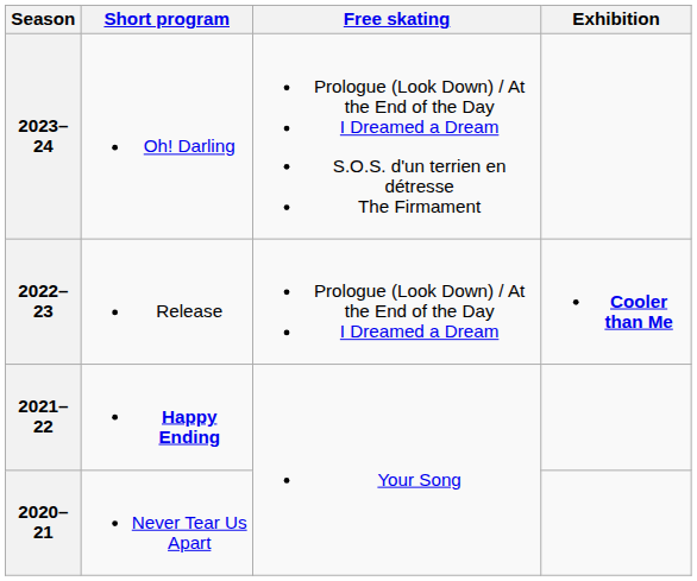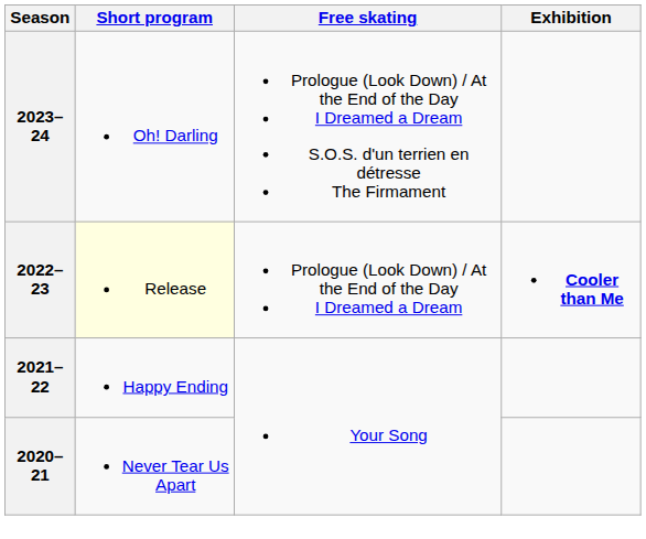 <table class="wikitable" style="text-align:center">
 <tr>
 <th>Season</th>
 <th><a href='#'>Short program</a></th>
 <th><a href='#'>Free skating</a></th>
 <th>Exhibition</th>
 </tr>
 <tr>
 <th>2023–24 <br> </th>
 <td><br><ul><li><a href='#'>Oh! Darling</a> <br> </li></ul></td>
 <td><br><ul><li>Prologue (Look Down) / At the End of the Day <br> </li><li><a href='#'>I Dreamed a Dream</a> <br> </li></ul><ul><li>S.O.S. d'un terrien en détresse <br> </li><li>The Firmament <br></li></ul></td>
 <td></td>
 </tr>
 <tr>
 <th>2022–23 <br> </th>
-<td><br><ul><li>Release <br> </li></ul></td>
+<td style="background: lightyellow;"><br><ul><li>Release <br> </li></ul></td>
 <td><br><ul><li>Prologue (Look Down) / At the End of the Day <br> </li><li><a href='#'>I Dreamed a Dream</a> <br> </li></ul></td>
 <td><strong><br><ul><li><a href='#'>Cooler than Me</a> <br></li></ul></strong></td>
 </tr>
 <tr>
 <th>2021–22 <br> </th>
-<td><strong><br><ul><li><a href='#'>Happy Ending</a> <br> </li></ul></strong></td>
+<td><br><ul><li><a href='#'>Happy Ending</a> <br> </li></ul></td>
 <td rowspan=2><br><ul><li><a href='#'>Your Song</a> <br> </li></ul></td>
 <td></td>
 </tr>
 <tr>
 <th>2020–21 <br></th>
 <td><br><ul><li><a href='#'>Never Tear Us Apart</a> <br> </li></ul></td>
 <td></td>
 </tr>
 </table>
